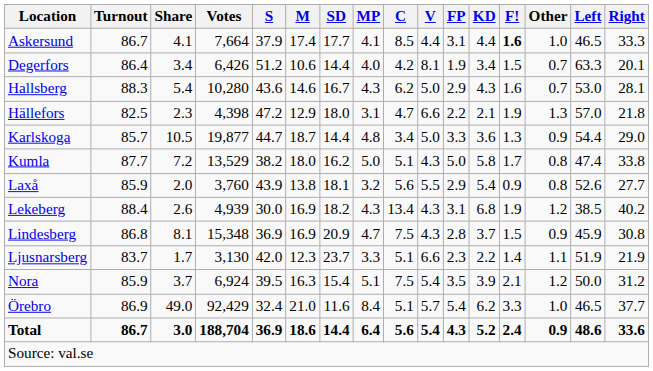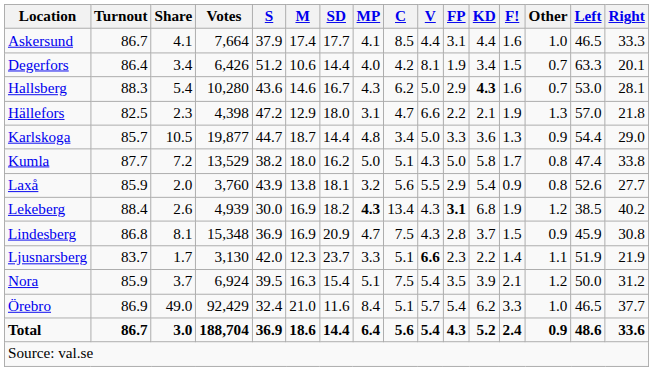 <table class="wikitable sortable" style=text-align:right>
 <tr>
 <th>Location</th>
 <th>Turnout</th>
 <th>Share</th>
 <th>Votes</th>
 <th><a href='#'>S</a></th>
 <th><a href='#'>M</a></th>
 <th><a href='#'>SD</a></th>
 <th><a href='#'>MP</a></th>
 <th><a href='#'>C</a></th>
 <th><a href='#'>V</a></th>
 <th><a href='#'>FP</a></th>
 <th><a href='#'>KD</a></th>
 <th><a href='#'>F!</a></th>
 <th>Other</th>
 <th><a href='#'>Left</a></th>
 <th><a href='#'>Right</a></th>
 </tr>
 <tr>
 <td align=left><a href='#'>Askersund</a></td>
 <td>86.7</td>
 <td>4.1</td>
 <td>7,664</td>
 <td>37.9</td>
 <td>17.4</td>
 <td>17.7</td>
 <td>4.1</td>
 <td>8.5</td>
 <td>4.4</td>
 <td>3.1</td>
 <td>4.4</td>
-<td><strong>1.6</strong></td>
+<td>1.6</td>
 <td>1.0</td>
 <td>46.5</td>
 <td>33.3</td>
 </tr>
 <tr>
 <td align=left><a href='#'>Degerfors</a></td>
 <td>86.4</td>
 <td>3.4</td>
 <td>6,426</td>
 <td>51.2</td>
 <td>10.6</td>
 <td>14.4</td>
 <td>4.0</td>
 <td>4.2</td>
 <td>8.1</td>
 <td>1.9</td>
 <td>3.4</td>
 <td>1.5</td>
 <td>0.7</td>
 <td>63.3</td>
 <td>20.1</td>
 </tr>
 <tr>
 <td align=left><a href='#'>Hallsberg</a></td>
 <td>88.3</td>
 <td>5.4</td>
 <td>10,280</td>
 <td>43.6</td>
 <td>14.6</td>
 <td>16.7</td>
 <td>4.3</td>
 <td>6.2</td>
 <td>5.0</td>
 <td>2.9</td>
-<td>4.3</td>
+<td><strong>4.3</strong></td>
 <td>1.6</td>
 <td>0.7</td>
 <td>53.0</td>
 <td>28.1</td>
 </tr>
 <tr>
 <td align=left><a href='#'>Hällefors</a></td>
 <td>82.5</td>
 <td>2.3</td>
 <td>4,398</td>
 <td>47.2</td>
 <td>12.9</td>
 <td>18.0</td>
 <td>3.1</td>
 <td>4.7</td>
 <td>6.6</td>
 <td>2.2</td>
 <td>2.1</td>
 <td>1.9</td>
 <td>1.3</td>
 <td>57.0</td>
 <td>21.8</td>
 </tr>
 <tr>
 <td align=left><a href='#'>Karlskoga</a></td>
 <td>85.7</td>
 <td>10.5</td>
 <td>19,877</td>
 <td>44.7</td>
 <td>18.7</td>
 <td>14.4</td>
 <td>4.8</td>
 <td>3.4</td>
 <td>5.0</td>
 <td>3.3</td>
 <td>3.6</td>
 <td>1.3</td>
 <td>0.9</td>
 <td>54.4</td>
 <td>29.0</td>
 </tr>
 <tr>
 <td align=left><a href='#'>Kumla</a></td>
 <td>87.7</td>
 <td>7.2</td>
 <td>13,529</td>
 <td>38.2</td>
 <td>18.0</td>
 <td>16.2</td>
 <td>5.0</td>
 <td>5.1</td>
 <td>4.3</td>
 <td>5.0</td>
 <td>5.8</td>
 <td>1.7</td>
 <td>0.8</td>
 <td>47.4</td>
 <td>33.8</td>
 </tr>
 <tr>
 <td align=left><a href='#'>Laxå</a></td>
 <td>85.9</td>
 <td>2.0</td>
 <td>3,760</td>
 <td>43.9</td>
 <td>13.8</td>
 <td>18.1</td>
 <td>3.2</td>
 <td>5.6</td>
 <td>5.5</td>
 <td>2.9</td>
 <td>5.4</td>
 <td>0.9</td>
 <td>0.8</td>
 <td>52.6</td>
 <td>27.7</td>
 </tr>
 <tr>
 <td align=left><a href='#'>Lekeberg</a></td>
 <td>88.4</td>
 <td>2.6</td>
 <td>4,939</td>
 <td>30.0</td>
 <td>16.9</td>
 <td>18.2</td>
-<td>4.3</td>
+<td><strong>4.3</strong></td>
 <td>13.4</td>
 <td>4.3</td>
-<td>3.1</td>
+<td><strong>3.1</strong></td>
 <td>6.8</td>
 <td>1.9</td>
 <td>1.2</td>
 <td>38.5</td>
 <td>40.2</td>
 </tr>
 <tr>
 <td align=left><a href='#'>Lindesberg</a></td>
 <td>86.8</td>
 <td>8.1</td>
 <td>15,348</td>
 <td>36.9</td>
 <td>16.9</td>
 <td>20.9</td>
 <td>4.7</td>
 <td>7.5</td>
 <td>4.3</td>
 <td>2.8</td>
 <td>3.7</td>
 <td>1.5</td>
 <td>0.9</td>
 <td>45.9</td>
 <td>30.8</td>
 </tr>
 <tr>
 <td align=left><a href='#'>Ljusnarsberg</a></td>
 <td>83.7</td>
 <td>1.7</td>
 <td>3,130</td>
 <td>42.0</td>
 <td>12.3</td>
 <td>23.7</td>
 <td>3.3</td>
 <td>5.1</td>
-<td>6.6</td>
+<td><strong>6.6</strong></td>
 <td>2.3</td>
 <td>2.2</td>
 <td>1.4</td>
 <td>1.1</td>
 <td>51.9</td>
 <td>21.9</td>
 </tr>
 <tr>
 <td align=left><a href='#'>Nora</a></td>
 <td>85.9</td>
 <td>3.7</td>
 <td>6,924</td>
 <td>39.5</td>
 <td>16.3</td>
 <td>15.4</td>
 <td>5.1</td>
 <td>7.5</td>
 <td>5.4</td>
 <td>3.5</td>
 <td>3.9</td>
 <td>2.1</td>
 <td>1.2</td>
 <td>50.0</td>
 <td>31.2</td>
 </tr>
 <tr>
 <td align=left><a href='#'>Örebro</a></td>
 <td>86.9</td>
 <td>49.0</td>
 <td>92,429</td>
 <td>32.4</td>
 <td>21.0</td>
 <td>11.6</td>
 <td>8.4</td>
 <td>5.1</td>
 <td>5.7</td>
 <td>5.4</td>
 <td>6.2</td>
 <td>3.3</td>
 <td>1.0</td>
 <td>46.5</td>
 <td>37.7</td>
 </tr>
 <tr>
 <td align=left><strong>Total</strong></td>
 <td><strong>86.7</strong></td>
 <td><strong>3.0</strong></td>
 <td><strong>188,704</strong></td>
 <td><strong>36.9</strong></td>
 <td><strong>18.6</strong></td>
 <td><strong>14.4</strong></td>
 <td><strong>6.4</strong></td>
 <td><strong>5.6</strong></td>
 <td><strong>5.4</strong></td>
 <td><strong>4.3</strong></td>
 <td><strong>5.2</strong></td>
 <td><strong>2.4</strong></td>
 <td><strong>0.9</strong></td>
 <td><strong>48.6</strong></td>
 <td><strong>33.6</strong></td>
 </tr>
 <tr>
 <td align=left colspan=16>Source: val.se </td>
 </tr>
 </table>
